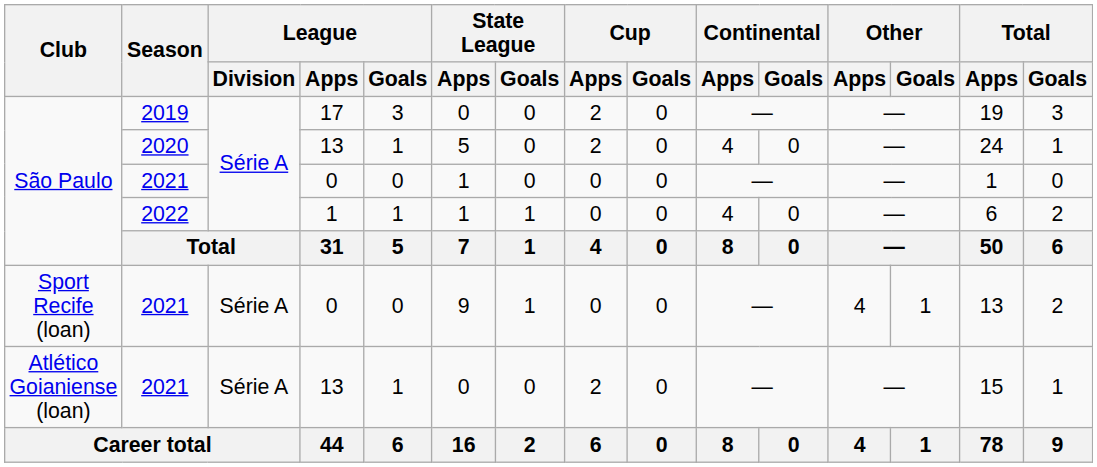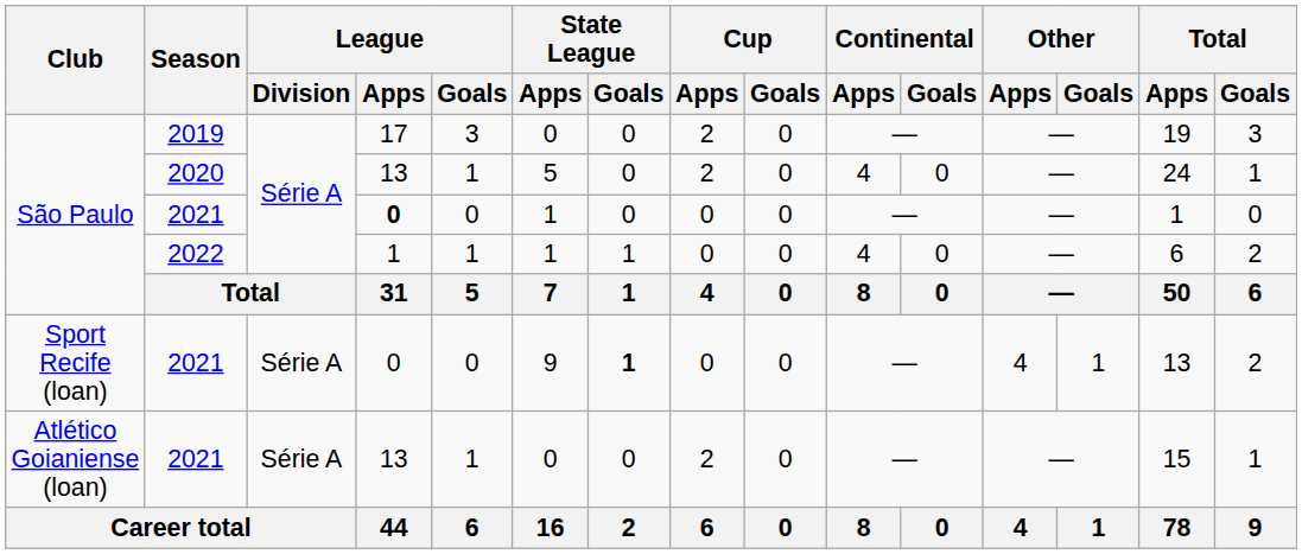 <table class="wikitable" style="text-align: center">
 <tr>
 <th rowspan="2">Club</th>
 <th rowspan="2">Season</th>
 <th colspan="3">League</th>
 <th colspan="2">State League</th>
 <th colspan="2">Cup</th>
 <th colspan="2">Continental</th>
 <th colspan="2">Other</th>
 <th colspan="2">Total</th>
 </tr>
 <tr>
 <th>Division</th>
 <th>Apps</th>
 <th>Goals</th>
 <th>Apps</th>
 <th>Goals</th>
 <th>Apps</th>
 <th>Goals</th>
 <th>Apps</th>
 <th>Goals</th>
 <th>Apps</th>
 <th>Goals</th>
 <th>Apps</th>
 <th>Goals</th>
 </tr>
 <tr>
 <td rowspan="5"><a href='#'>São Paulo</a></td>
 <td><a href='#'>2019</a></td>
 <td rowspan="4"><a href='#'>Série A</a></td>
 <td>17</td>
 <td>3</td>
 <td>0</td>
 <td>0</td>
 <td>2</td>
 <td>0</td>
 <td colspan="2">—</td>
 <td colspan="2">—</td>
 <td>19</td>
 <td>3</td>
 </tr>
 <tr>
 <td><a href='#'>2020</a></td>
 <td>13</td>
 <td>1</td>
 <td>5</td>
 <td>0</td>
 <td>2</td>
 <td>0</td>
 <td>4</td>
 <td>0</td>
 <td colspan="2">—</td>
 <td>24</td>
 <td>1</td>
 </tr>
 <tr>
 <td><a href='#'>2021</a></td>
-<td>0</td>
+<td><strong>0</strong></td>
 <td>0</td>
 <td>1</td>
 <td>0</td>
 <td>0</td>
 <td>0</td>
 <td colspan="2">—</td>
 <td colspan="2">—</td>
 <td>1</td>
 <td>0</td>
 </tr>
 <tr>
 <td><a href='#'>2022</a></td>
 <td>1</td>
 <td>1</td>
 <td>1</td>
 <td>1</td>
 <td>0</td>
 <td>0</td>
 <td>4</td>
 <td>0</td>
 <td colspan="2">—</td>
 <td>6</td>
 <td>2</td>
 </tr>
 <tr>
 <th colspan="2">Total</th>
 <th>31</th>
 <th>5</th>
 <th>7</th>
 <th>1</th>
 <th>4</th>
 <th>0</th>
 <th>8</th>
 <th>0</th>
 <th colspan="2">—</th>
 <th>50</th>
 <th>6</th>
 </tr>
 <tr>
 <td><a href='#'>Sport Recife</a> (loan)</td>
 <td><a href='#'>2021</a></td>
 <td>Série A</td>
 <td>0</td>
 <td>0</td>
 <td>9</td>
-<td>1</td>
+<td><strong>1</strong></td>
 <td>0</td>
 <td>0</td>
 <td colspan="2">—</td>
 <td>4</td>
 <td>1</td>
 <td>13</td>
 <td>2</td>
 </tr>
 <tr>
 <td><a href='#'>Atlético Goianiense</a> (loan)</td>
 <td><a href='#'>2021</a></td>
 <td>Série A</td>
 <td>13</td>
 <td>1</td>
 <td>0</td>
 <td>0</td>
 <td>2</td>
 <td>0</td>
 <td colspan="2">—</td>
 <td colspan="2">—</td>
 <td>15</td>
 <td>1</td>
 </tr>
 <tr>
 <th colspan="3"><strong>Career total</strong></th>
 <th>44</th>
 <th>6</th>
 <th>16</th>
 <th>2</th>
 <th>6</th>
 <th>0</th>
 <th>8</th>
 <th>0</th>
 <th>4</th>
 <th>1</th>
 <th>78</th>
 <th>9</th>
 </tr>
 </table>
